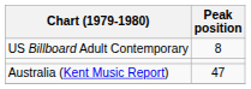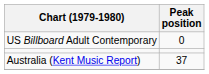 <table class="wikitable plainrowheaders" style="text-align:left">
 <tr>
 <th scope="col">Chart (1979-1980)</th>
 <th scope="col">Peak<br>position</th>
 </tr>
 <tr>
 <td>US <em>Billboard</em> Adult Contemporary</td>
-<td style="text-align:center;">8</td>
+<td style="text-align:center;">0</td>
 </tr>
 <tr>
 <td></td>
 </tr>
 <tr>
 <td>Australia (<a href='#'>Kent Music Report</a>)</td>
-<td style="text-align:center;">47</td>
+<td style="text-align:center;">37</td>
 </tr>
 <tr>
 </tr>
 </table>
